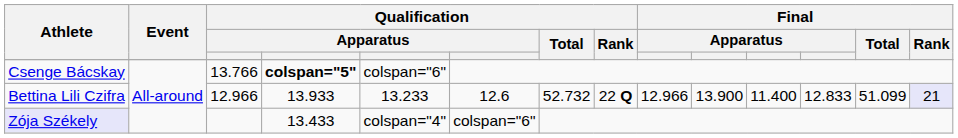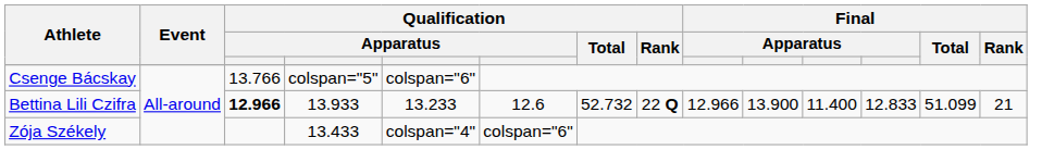 <table class="wikitable" style="font-size:90%">
 <tr>
 <th rowspan=3>Athlete</th>
 <th rowspan=3>Event</th>
 <th colspan=6>Qualification</th>
 <th colspan=6>Final</th>
 </tr>
 <tr style=font-size:95%>
 <th colspan=4>Apparatus</th>
 <th rowspan=2>Total</th>
 <th rowspan=2>Rank</th>
 <th colspan=4>Apparatus</th>
 <th rowspan=2>Total</th>
 <th rowspan=2>Rank</th>
 </tr>
 <tr style=font-size:95%>
 <th></th>
 <th></th>
 <th></th>
 <th></th>
 <th></th>
 <th></th>
 <th></th>
 <th></th>
 </tr>
 <tr align=center>
 </tr>
 <tr>
 </tr>
 <tr align=center>
 <td align=left><a href='#'>Csenge Bácskay</a></td>
 <td align=left rowspan=3><a href='#'>All-around</a></td>
 <td>13.766</td>
-<td><strong>colspan="5" </strong></td>
+<td>colspan="5" </td>
 <td>colspan="6" </td>
 </tr>
 <tr align=center>
 <td align=left><a href='#'>Bettina Lili Czifra</a></td>
-<td>12.966</td>
+<td><strong>12.966</strong></td>
 <td>13.933</td>
 <td>13.233</td>
 <td>12.6</td>
 <td>52.732</td>
 <td>22 <strong>Q</strong></td>
 <td>12.966</td>
 <td>13.900</td>
 <td>11.400</td>
 <td>12.833</td>
 <td>51.099</td>
-<td style="background: lavender;">21</td>
+<td>21</td>
 </tr>
 <tr align=center>
-<td align=left style="background: lavender;"><a href='#'>Zója Székely</a></td>
+<td align=left><a href='#'>Zója Székely</a></td>
 <td></td>
 <td>13.433</td>
 <td>colspan="4" </td>
 <td>colspan="6" </td>
 </tr>
 </table>
